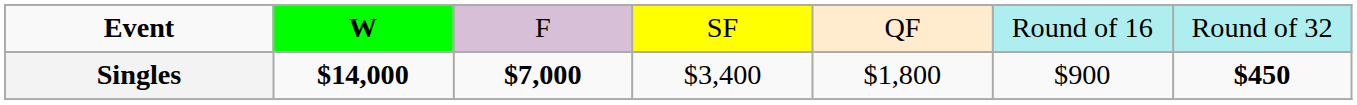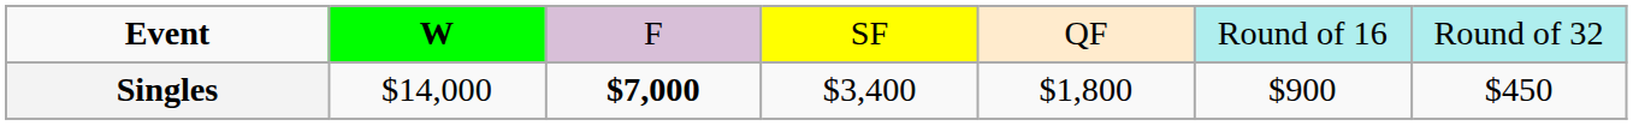 <table class=wikitable style=font-size:90%;text-align:center>
 <tr>
 <td style="width:130px"><strong>Event</strong></td>
 <td style="width:85px; background:lime"><strong>W</strong></td>
 <td style="width:85px; background:thistle">F</td>
 <td style="width:85px; background:#ffff00">SF</td>
 <td style="width:85px; background:#ffebcd">QF</td>
 <td style="width:85px; background:#afeeee">Round of 16</td>
 <td style="width:85px; background:#afeeee">Round of 32</td>
 </tr>
 <tr>
 <th style=background:#f3f3f3>Singles </th>
-<td><strong>$14,000</strong></td>
+<td>$14,000</td>
 <td><strong>$7,000</strong></td>
 <td>$3,400</td>
 <td>$1,800</td>
 <td>$900</td>
-<td><strong>$450</strong></td>
+<td>$450</td>
 </tr>
 </table>
